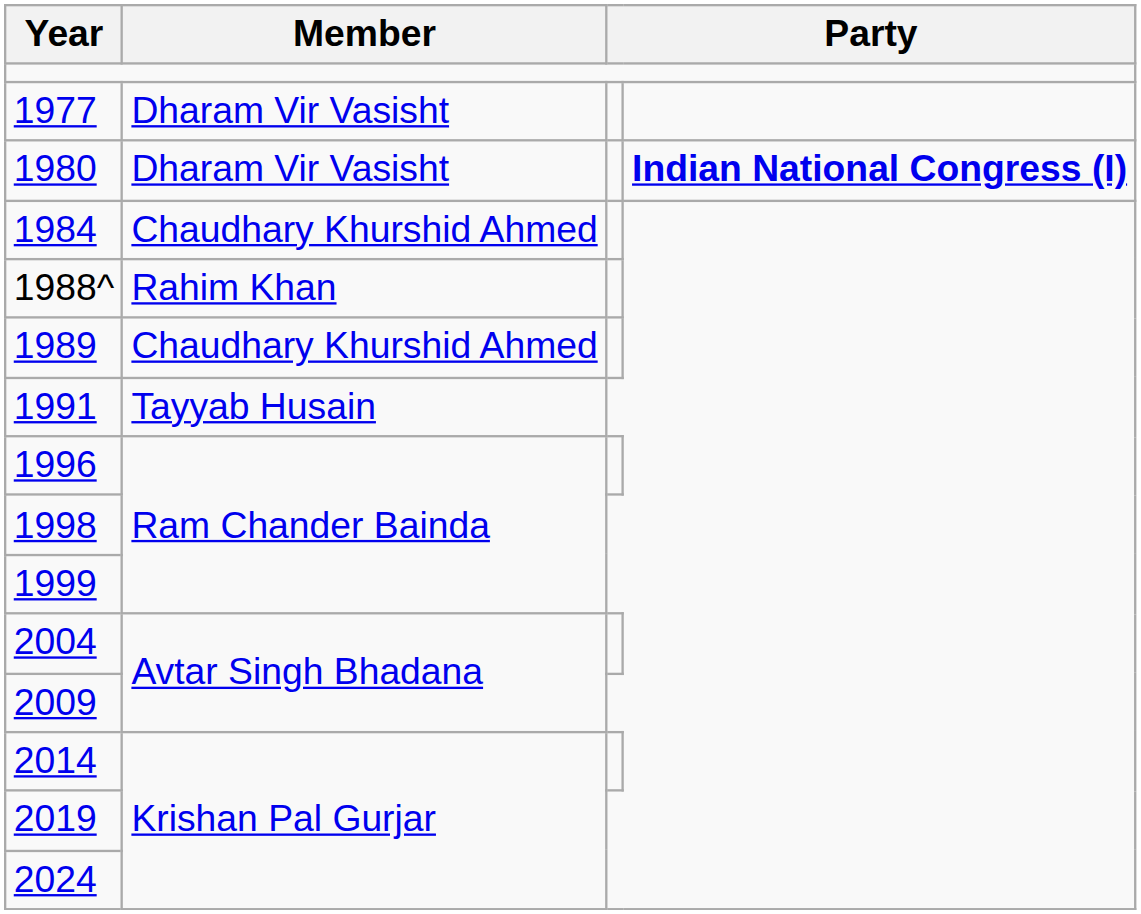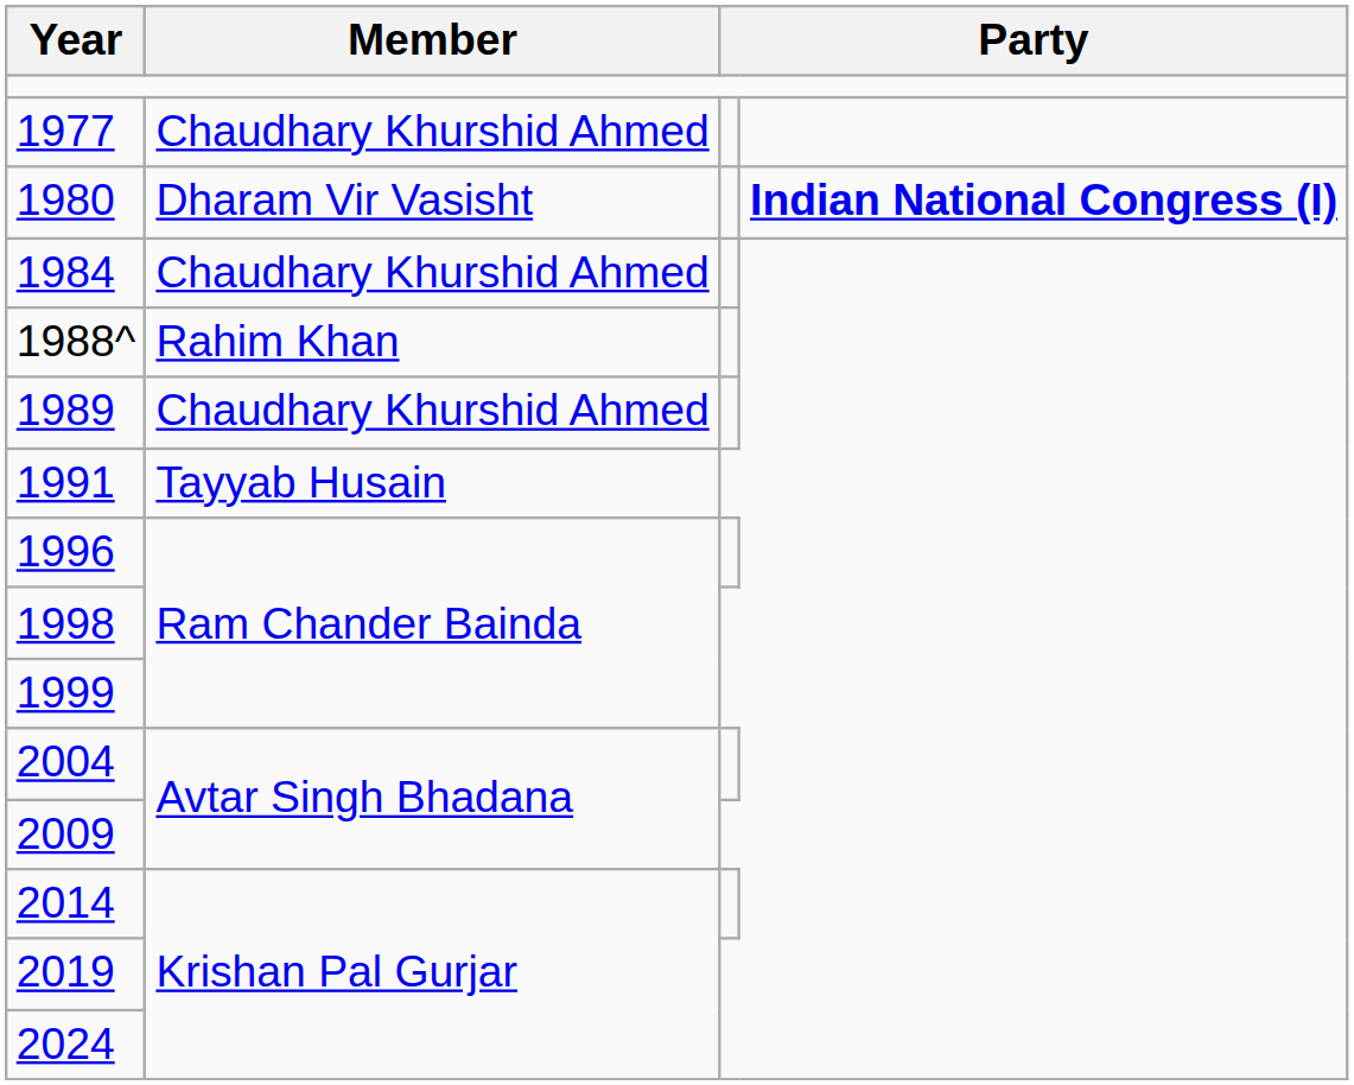 <table class="wikitable">
 <tr>
 <th>Year</th>
 <th>Member</th>
 <th colspan="2">Party</th>
 </tr>
 <tr>
 <td colspan="4"></td>
 </tr>
 <tr>
 <td><a href='#'>1977</a></td>
-<td><a href='#'>Dharam Vir Vasisht</a></td>
+<td><a href='#'>Chaudhary Khurshid Ahmed</a></td>
 <td></td>
 </tr>
 <tr>
 <td><a href='#'>1980</a></td>
 <td><a href='#'>Dharam Vir Vasisht</a></td>
 <td style="background-color: "></td>
 <td><strong><a href='#'>Indian National Congress (I)</a></strong></td>
 </tr>
 <tr>
 <td><a href='#'>1984</a></td>
 <td><a href='#'>Chaudhary Khurshid Ahmed</a></td>
 <td></td>
 </tr>
 <tr>
 <td>1988^</td>
 <td><a href='#'>Rahim Khan</a></td>
 <td></td>
 </tr>
 <tr>
 <td><a href='#'>1989</a></td>
 <td><a href='#'>Chaudhary Khurshid Ahmed</a></td>
 <td></td>
 </tr>
 <tr>
 <td><a href='#'>1991</a></td>
 <td><a href='#'>Tayyab Husain</a></td>
 </tr>
 <tr>
 <td><a href='#'>1996</a></td>
 <td rowspan="3"><a href='#'>Ram Chander Bainda</a></td>
 <td></td>
 </tr>
 <tr>
 <td><a href='#'>1998</a></td>
 </tr>
 <tr>
 <td><a href='#'>1999</a></td>
 </tr>
 <tr>
 <td><a href='#'>2004</a></td>
 <td rowspan="2"><a href='#'>Avtar Singh Bhadana</a></td>
 <td></td>
 </tr>
 <tr>
 <td><a href='#'>2009</a></td>
 </tr>
 <tr>
 <td><a href='#'>2014</a></td>
 <td rowspan="3"><a href='#'>Krishan Pal Gurjar</a></td>
 <td></td>
 </tr>
 <tr>
 <td><a href='#'>2019</a></td>
 </tr>
 <tr>
 <td><a href='#'>2024</a></td>
 </tr>
 </table>
